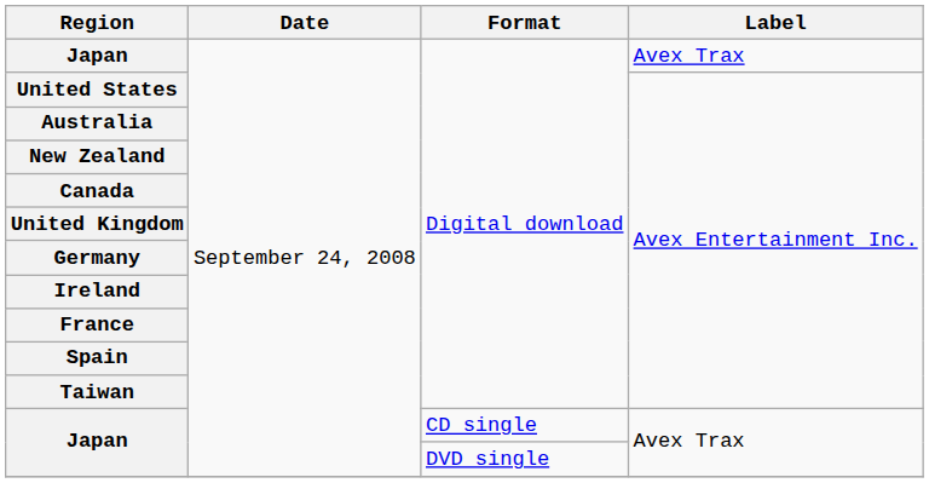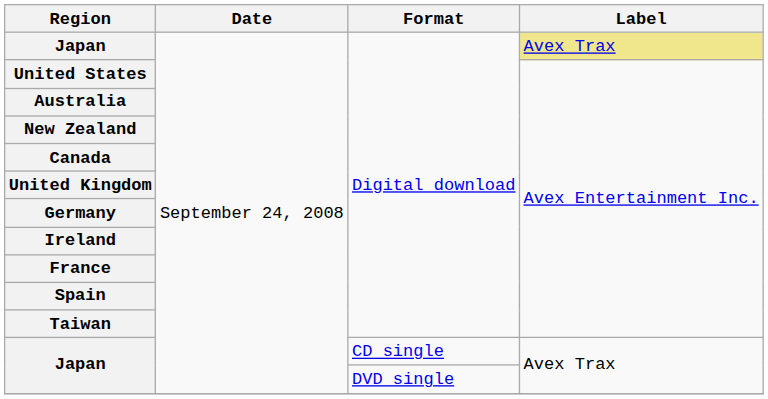 <table class="wikitable plainrowheaders">
 <tr>
 <th scope="col">Region</th>
 <th scope="col">Date</th>
 <th scope="col">Format</th>
 <th scope="col">Label</th>
 </tr>
 <tr>
 <th scope="row">Japan</th>
 <td rowspan="13">September 24, 2008</td>
 <td rowspan="11"><a href='#'>Digital download</a></td>
-<td><a href='#'>Avex Trax</a></td>
+<td style="background: khaki;"><a href='#'>Avex Trax</a></td>
 </tr>
 <tr>
 <th scope="row">United States</th>
 <td rowspan="10"><a href='#'>Avex Entertainment Inc.</a></td>
 </tr>
 <tr>
 <th scope="row">Australia</th>
 </tr>
 <tr>
 <th scope="row">New Zealand</th>
 </tr>
 <tr>
 <th scope="row">Canada</th>
 </tr>
 <tr>
 <th scope="row">United Kingdom</th>
 </tr>
 <tr>
 <th scope="row">Germany</th>
 </tr>
 <tr>
 <th scope="row">Ireland</th>
 </tr>
 <tr>
 <th scope="row">France</th>
 </tr>
 <tr>
 <th scope="row">Spain</th>
 </tr>
 <tr>
 <th scope="row">Taiwan</th>
 </tr>
 <tr>
 <th scope="row" rowspan="2">Japan</th>
 <td><a href='#'>CD single</a></td>
 <td rowspan="2">Avex Trax</td>
 </tr>
 <tr>
 <td><a href='#'>DVD single</a></td>
 </tr>
 <tr>
 </tr>
 </table>
